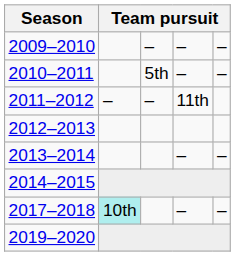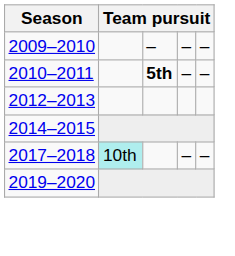 <table class="wikitable" style="display: inline-table;">
 <tr>
 <th>Season</th>
 <th colspan="4">Team pursuit</th>
 </tr>
 <tr>
 <td><a href='#'>2009–2010</a></td>
 <td></td>
 <td>–</td>
 <td>–</td>
 <td>–</td>
 </tr>
 <tr>
 <td><a href='#'>2010–2011</a></td>
 <td></td>
-<td>5th</td>
+<td><strong>5th</strong></td>
 <td>–</td>
 <td>–</td>
-</tr>
-<tr>
-<td><a href='#'>2011–2012</a></td>
-<td>–</td>
-<td>–</td>
-<td>11th</td>
-<td></td>
 </tr>
 <tr>
 <td><a href='#'>2012–2013</a></td>
 <td></td>
 <td></td>
 <td></td>
 <td></td>
-</tr>
-<tr>
-<td><a href='#'>2013–2014</a></td>
-<td></td>
-<td></td>
-<td>–</td>
-<td>–</td>
 </tr>
 <tr>
 <td><a href='#'>2014–2015</a></td>
 <td colspan="4" bgcolor=#EEEEEE></td>
 </tr>
 <tr>
 <td><a href='#'>2017–2018</a></td>
 <td style="background: paleturquoise;">10th</td>
 <td></td>
 <td>–</td>
 <td>–</td>
 </tr>
 <tr>
 <td><a href='#'>2019–2020</a></td>
 <td colspan="4" bgcolor=#EEEEEE></td>
 </tr>
 </table>
